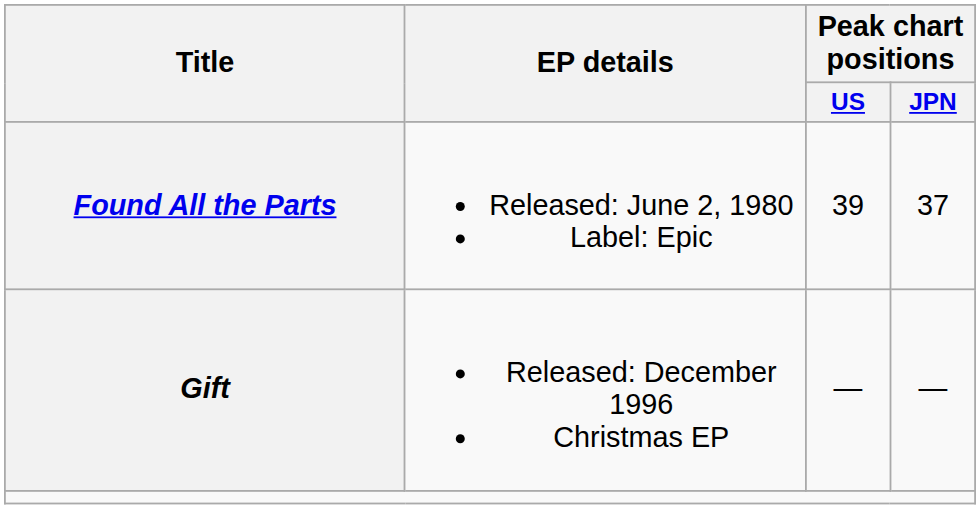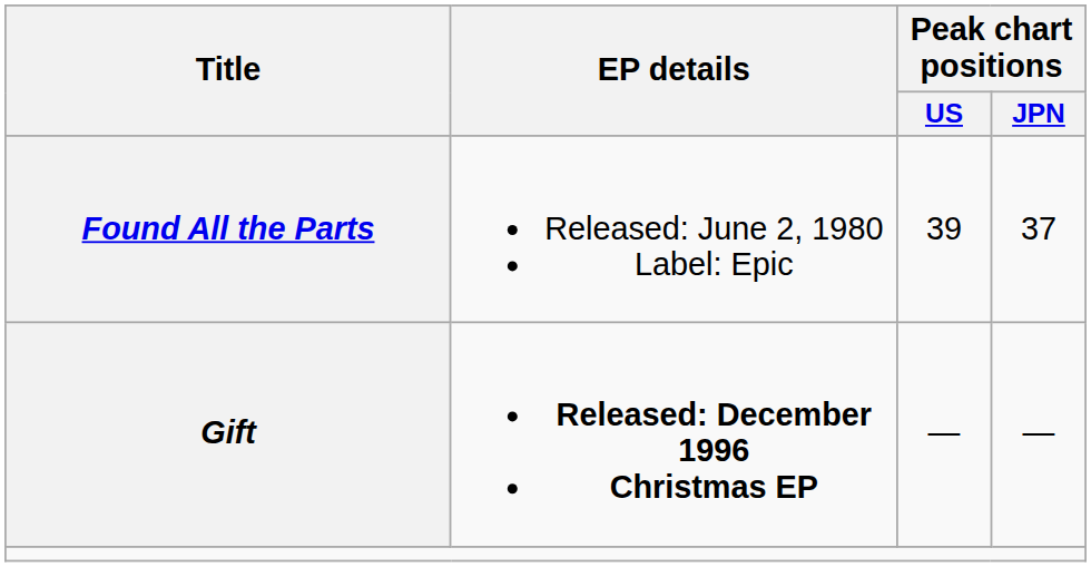 <table class="wikitable plainrowheaders" style="text-align:center;">
 <tr>
 <th rowspan="2" width="215">Title</th>
 <th rowspan="2" width="215">EP details</th>
 <th colspan="2">Peak chart positions</th>
 </tr>
 <tr>
 <th style="width:3em;font-size:85%"><a href='#'>US</a><br></th>
 <th style="width:3em;font-size:85%"><a href='#'>JPN</a><br></th>
 </tr>
 <tr>
 <th scope="row"><em><a href='#'>Found All the Parts</a></em></th>
 <td><br><ul><li>Released: June 2, 1980</li><li>Label: Epic</li></ul></td>
 <td>39</td>
 <td>37</td>
 </tr>
 <tr>
 <th scope="row"><em>Gift</em></th>
-<td><br><ul><li>Released: December 1996</li><li>Christmas EP</li></ul></td>
+<td><strong><br><ul><li>Released: December 1996</li><li>Christmas EP</li></ul></strong></td>
 <td>—</td>
 <td>—</td>
 </tr>
 <tr>
 <td colspan="4"></td>
 </tr>
 </table>
